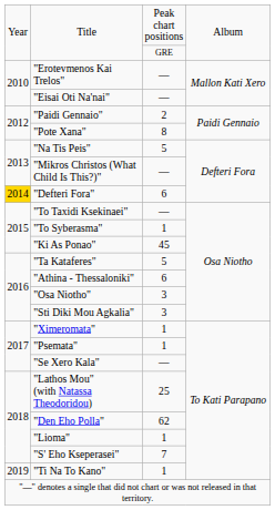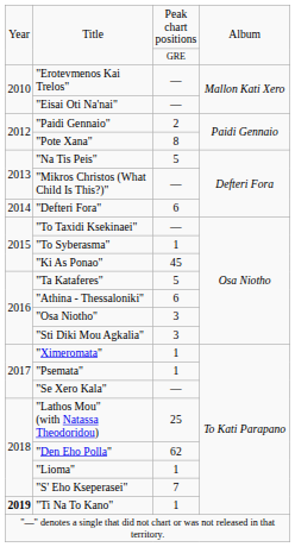 <table class="wikitable" style="text-align:center;">
 <tr>
 <td rowspan="2" width="10">Year</td>
 <td rowspan="2" width="160">Title</td>
 <td colspan="1">Peak chart positions</td>
 <td rowspan="2" width="120">Album</td>
 </tr>
 <tr style="font-size:smaller">
 <td width="30">GRE<br></td>
 </tr>
 <tr>
 <td rowspan="2">2010</td>
 <td align="left">"Erotevmenos Kai Trelos"</td>
 <td>—</td>
 <td rowspan="2"><em>Mallon Kati Xero</em></td>
 </tr>
 <tr>
 <td align="left">"Eisai Oti Na'nai"</td>
 <td>—</td>
 </tr>
 <tr>
 <td rowspan="2">2012</td>
 <td align="left">"Paidi Gennaio"</td>
 <td>2</td>
 <td rowspan="2"><em>Paidi Gennaio</em></td>
 </tr>
 <tr>
 <td align="left">"Pote Xana"</td>
 <td>8</td>
 </tr>
 <tr>
 <td rowspan="2">2013</td>
 <td align="left">"Na Tis Peis"</td>
 <td>5</td>
 <td rowspan="3"><em>Defteri Fora</em></td>
 </tr>
 <tr>
 <td align="left">"Mikros Christos (What Child Is This?)"</td>
 <td>—</td>
 </tr>
 <tr>
-<td style="background: gold;">2014</td>
+<td>2014</td>
 <td align="left">"Defteri Fora"</td>
 <td>6</td>
 </tr>
 <tr>
 <td rowspan="3">2015</td>
 <td align="left">"To Taxidi Ksekinaei"</td>
 <td>—</td>
 <td rowspan="7"><em>Osa Niotho</em></td>
 </tr>
 <tr>
 <td align="left">"To Syberasma"</td>
 <td>1</td>
 </tr>
 <tr>
 <td align="left">"Ki As Ponao"</td>
 <td>45</td>
 </tr>
 <tr>
 <td rowspan="4">2016</td>
 <td align="left">"Ta Kataferes"</td>
 <td>5</td>
 </tr>
 <tr>
 <td align="left">"Athina - Thessaloniki"</td>
 <td>6</td>
 </tr>
 <tr>
 <td align="left">"Osa Niotho"</td>
 <td>3</td>
 </tr>
 <tr>
 <td align="left">"Sti Diki Mou Agkalia"</td>
 <td>3</td>
 </tr>
 <tr>
 <td rowspan="3">2017</td>
 <td align="left">"<a href='#'>Ximeromata</a>"</td>
 <td>1</td>
 <td rowspan="8"><em>To Kati Parapano</em></td>
 </tr>
 <tr>
 <td align="left">"Psemata"</td>
 <td>1</td>
 </tr>
 <tr>
 <td align="left">"Se Xero Kala"</td>
 <td>—</td>
 </tr>
 <tr>
 <td rowspan="4">2018</td>
 <td align="left">"Lathos Mou"<br><span>(with <a href='#'>Natassa Theodoridou</a>)</span></td>
 <td>25</td>
 </tr>
 <tr>
 <td align="left">"<a href='#'>Den Eho Polla</a>"</td>
 <td>62</td>
 </tr>
 <tr>
 <td align="left">"Lioma"</td>
 <td>1</td>
 </tr>
 <tr>
 <td align="left">"S' Eho Kseperasei"</td>
 <td>7</td>
 </tr>
 <tr>
-<td>2019</td>
+<td><strong>2019</strong></td>
 <td align="left">"Ti Na To Kano"</td>
 <td>1</td>
 </tr>
 <tr>
 <td colspan="18" style="font-size:85%">"—" denotes a single that did not chart or was not released in that territory.</td>
 </tr>
 </table>
